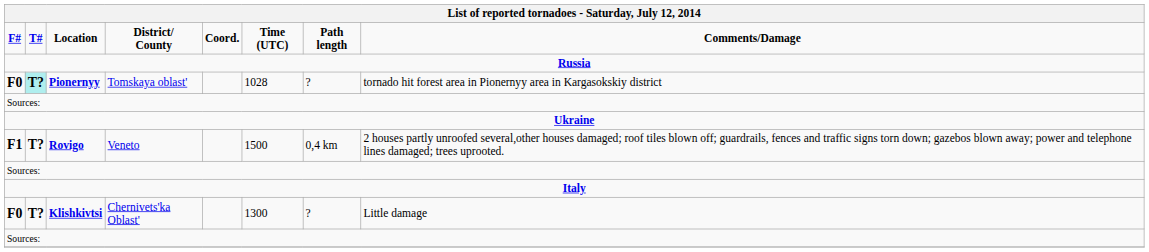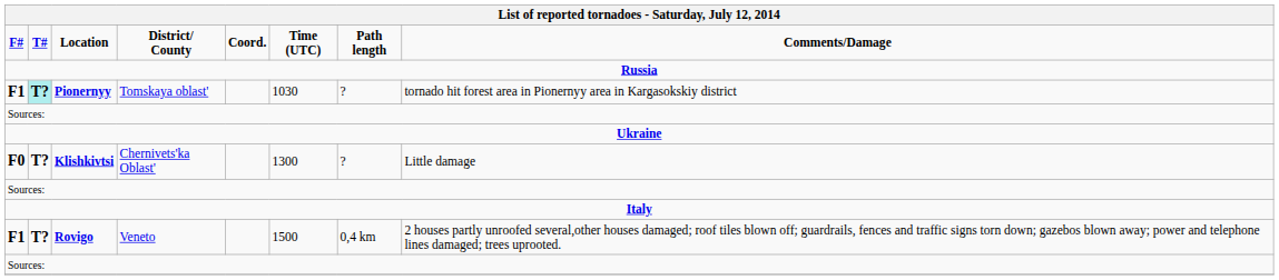 <table class="wikitable collapsible" width="100%">
 <tr>
 <th colspan="8">List of reported tornadoes - Saturday, July 12, 2014</th>
 </tr>
 <tr>
 <td style="text-align: center;"><strong><a href='#'>F#</a></strong></td>
 <td style="text-align: center;"><strong><a href='#'>T#</a></strong></td>
 <td style="text-align: center;"><strong>Location</strong></td>
 <td style="text-align: center;"><strong>District/<br>County</strong></td>
 <td style="text-align: center;"><strong>Coord.</strong></td>
 <td style="text-align: center;"><strong>Time (UTC)</strong></td>
 <td style="text-align: center;"><strong>Path length</strong></td>
 <td style="text-align: center;"><strong>Comments/Damage</strong></td>
 </tr>
 <tr>
 <td colspan="8" align=center><strong><a href='#'>Russia</a></strong></td>
 </tr>
 <tr>
-<td><big><strong>F0</strong></big></td>
+<td><big><strong>F1</strong></big></td>
 <td style="background: paleturquoise;"><big><strong>T?</strong></big></td>
 <td><strong><a href='#'>Pionernyy</a></strong></td>
 <td><a href='#'>Tomskaya oblast'</a></td>
 <td></td>
-<td>1028</td>
+<td>1030</td>
 <td>?</td>
 <td>tornado hit forest area in Pionernyy area in Kargasokskiy district</td>
 </tr>
 <tr>
 <td colspan="8"><small>Sources:</small></td>
 </tr>
 <tr>
 <td colspan="8" align=center><strong><a href='#'>Ukraine</a></strong></td>
+</tr>
+<tr>
+<td><big><strong>F0</strong></big></td>
+<td><big><strong>T?</strong></big></td>
+<td><strong><a href='#'>Klishkivtsi</a></strong></td>
+<td><a href='#'>Chernivets'ka Oblast'</a></td>
+<td></td>
+<td>1300</td>
+<td>?</td>
+<td>Little damage</td>
+</tr>
+<tr>
+<td colspan="8"><small>Sources:</small></td>
+</tr>
+<tr>
+<td colspan="8" align=center><strong><a href='#'>Italy</a></strong></td>
 </tr>
 <tr>
 <td><big><strong>F1</strong></big></td>
 <td><big><strong>T?</strong></big></td>
 <td><strong><a href='#'>Rovigo</a></strong></td>
 <td><a href='#'>Veneto</a></td>
 <td></td>
 <td>1500</td>
 <td>0,4 km</td>
 <td>2 houses partly unroofed several,other houses damaged; roof tiles blown off; guardrails, fences and traffic signs torn down; gazebos blown away; power and telephone lines damaged; trees uprooted.</td>
 </tr>
 <tr>
 <td colspan="8"><small>Sources:</small></td>
 </tr>
 <tr>
-<td colspan="8" align=center><strong><a href='#'>Italy</a></strong></td>
-</tr>
-<tr>
-<td><big><strong>F0</strong></big></td>
-<td><big><strong>T?</strong></big></td>
-<td><strong><a href='#'>Klishkivtsi</a></strong></td>
-<td><a href='#'>Chernivets'ka Oblast'</a></td>
-<td></td>
-<td>1300</td>
-<td>?</td>
-<td>Little damage</td>
-</tr>
-<tr>
-<td colspan="8"><small>Sources:</small></td>
-</tr>
-<tr>
 </tr>
 </table>
